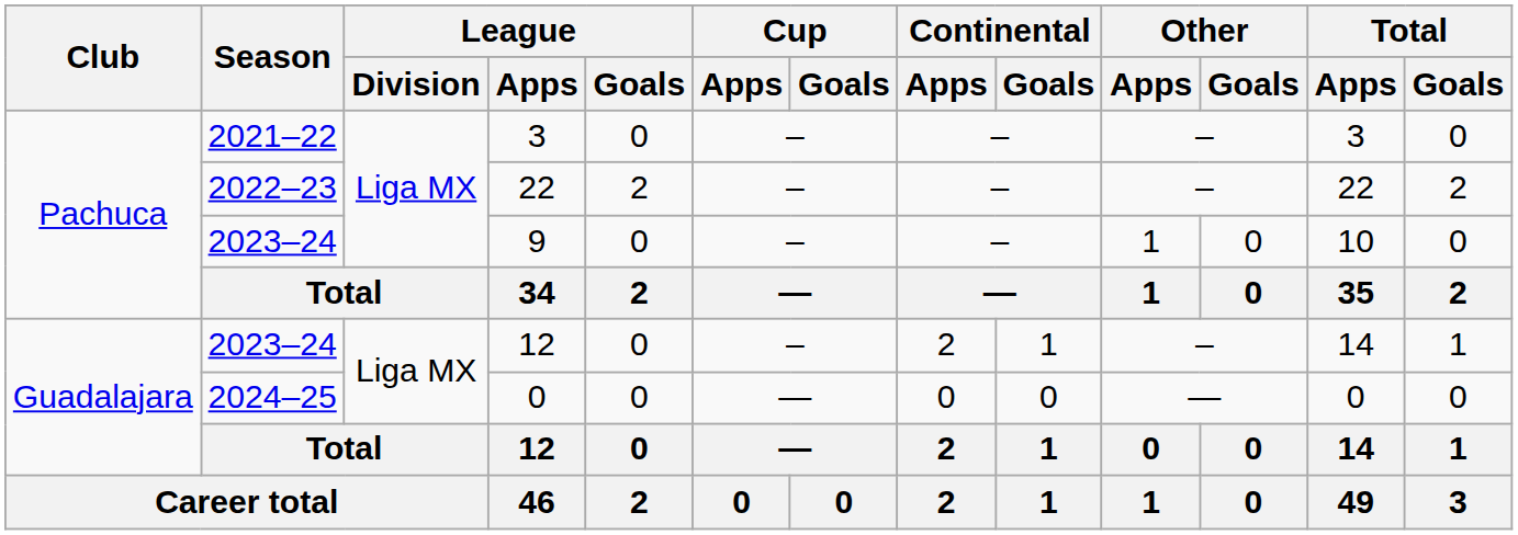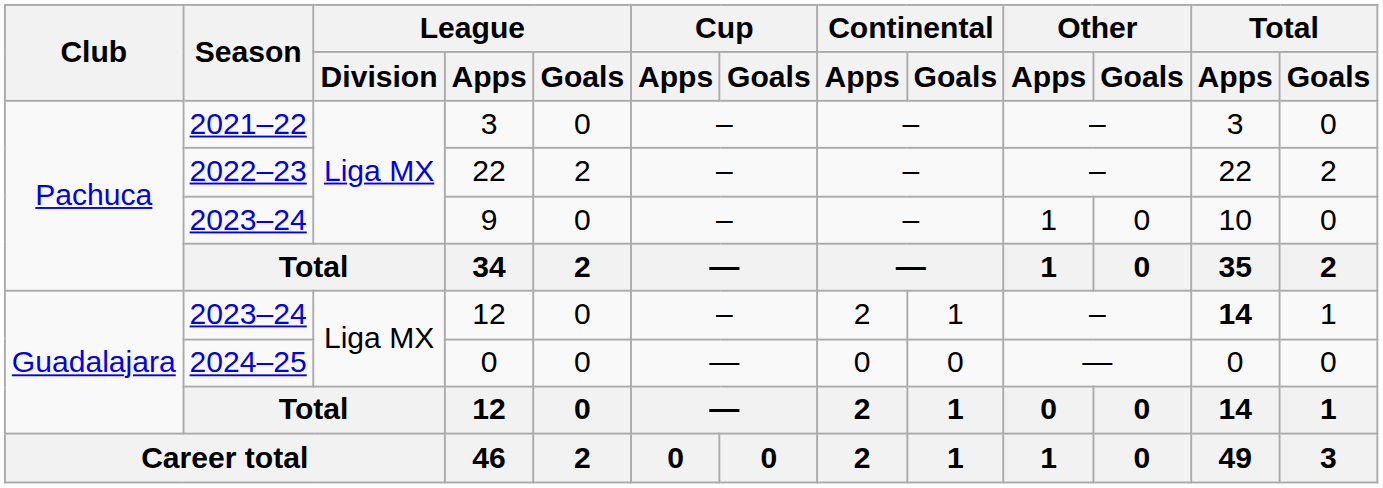 <table class="wikitable" style="text-align: center">
 <tr>
 <th rowspan="2">Club</th>
 <th rowspan="2">Season</th>
 <th colspan="3">League</th>
 <th colspan="2">Cup</th>
 <th colspan="2">Continental</th>
 <th colspan="2">Other</th>
 <th colspan="2">Total</th>
 </tr>
 <tr>
 <th>Division</th>
 <th>Apps</th>
 <th>Goals</th>
 <th>Apps</th>
 <th>Goals</th>
 <th>Apps</th>
 <th>Goals</th>
 <th>Apps</th>
 <th>Goals</th>
 <th>Apps</th>
 <th>Goals</th>
 </tr>
 <tr>
 <td rowspan="4"><a href='#'>Pachuca</a></td>
 <td><a href='#'>2021–22</a></td>
 <td rowspan="3"><a href='#'>Liga MX</a></td>
 <td>3</td>
 <td>0</td>
 <td colspan="2">–</td>
 <td colspan="2">–</td>
 <td colspan="2">–</td>
 <td>3</td>
 <td>0</td>
 </tr>
 <tr>
 <td><a href='#'>2022–23</a></td>
 <td>22</td>
 <td>2</td>
 <td colspan="2">–</td>
 <td colspan="2">–</td>
 <td colspan="2">–</td>
 <td>22</td>
 <td>2</td>
 </tr>
 <tr>
 <td><a href='#'>2023–24</a></td>
 <td>9</td>
 <td>0</td>
 <td colspan="2">–</td>
 <td colspan="2">–</td>
 <td>1</td>
 <td>0</td>
 <td>10</td>
 <td>0</td>
 </tr>
 <tr>
 <th colspan="2">Total</th>
 <th>34</th>
 <th>2</th>
 <th colspan="2">—</th>
 <th colspan="2">—</th>
 <th>1</th>
 <th>0</th>
 <th>35</th>
 <th>2</th>
 </tr>
 <tr>
 <td rowspan="3"><a href='#'>Guadalajara</a></td>
 <td><a href='#'>2023–24</a></td>
 <td rowspan="2">Liga MX</td>
 <td>12</td>
 <td>0</td>
 <td colspan="2">–</td>
 <td>2</td>
 <td>1</td>
 <td colspan="2">–</td>
-<td>14</td>
+<td><strong>14</strong></td>
 <td>1</td>
 </tr>
 <tr>
 <td><a href='#'>2024–25</a></td>
 <td>0</td>
 <td>0</td>
 <td colspan=2>—</td>
 <td>0</td>
 <td>0</td>
 <td colspan=2>—</td>
 <td>0</td>
 <td>0</td>
 </tr>
 <tr>
 <th colspan="2">Total</th>
 <th>12</th>
 <th>0</th>
 <th colspan="2">—</th>
 <th>2</th>
 <th>1</th>
 <th>0</th>
 <th>0</th>
 <th>14</th>
 <th>1</th>
 </tr>
 <tr>
 <th colspan="3"><strong>Career total</strong></th>
 <th>46</th>
 <th>2</th>
 <th>0</th>
 <th>0</th>
 <th>2</th>
 <th>1</th>
 <th>1</th>
 <th>0</th>
 <th>49</th>
 <th>3</th>
 </tr>
 </table>
